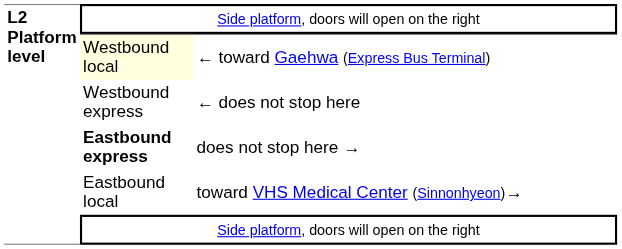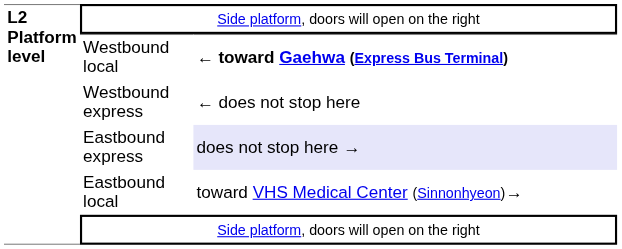 <table table border=0 cellspacing=0 cellpadding=3>
 <tr>
 <td style="border-top:solid 1px gray;border-bottom:solid 1px gray;" width=50 rowspan=10 valign=top><strong>L2<br>Platform level</strong></td>
 <td style="border-top:solid 2px black;border-right:solid 2px black;border-left:solid 2px black;border-bottom:solid 2px black;text-align:center;" colspan=2><small><a href='#'>Side platform</a>, doors will open on the right </small></td>
 </tr>
 <tr>
-<td style="background: lightyellow; border-bottom:solid 0px gray;border-top:solid 1px gray;" width=100>Westbound local</td>
-<td style="border-bottom:solid 0px gray;border-top:solid 1px gray;" width=390>←  toward <a href='#'>Gaehwa</a> <small>(<a href='#'>Express Bus Terminal</a>)</small></td>
+<td style="border-bottom:solid 0px gray;border-top:solid 1px gray;" width=100>Westbound local</td>
+<td style="border-bottom:solid 0px gray;border-top:solid 1px gray;" width=390><strong>←  toward <a href='#'>Gaehwa</a> <small>(<a href='#'>Express Bus Terminal</a>)</small></strong></td>
 </tr>
 <tr>
 <td>Westbound express</td>
 <td>← <span> does not stop here</span></td>
 </tr>
 <tr>
-<td><strong>Eastbound express</strong></td>
-<td>  does not stop here →</td>
+<td>Eastbound express</td>
+<td style="background: lavender;">  does not stop here →</td>
 </tr>
 <tr>
 <td>Eastbound local</td>
 <td>  toward <a href='#'>VHS Medical Center</a> <small>(<a href='#'>Sinnonhyeon</a>)</small>→</td>
 </tr>
 <tr>
 <td style="border-top:solid 2px black;border-right:solid 2px black;border-left:solid 2px black;border-bottom:solid 2px black;text-align:center;" colspan=2><small><a href='#'>Side platform</a>, doors will open on the right </small></td>
 </tr>
 </table>
